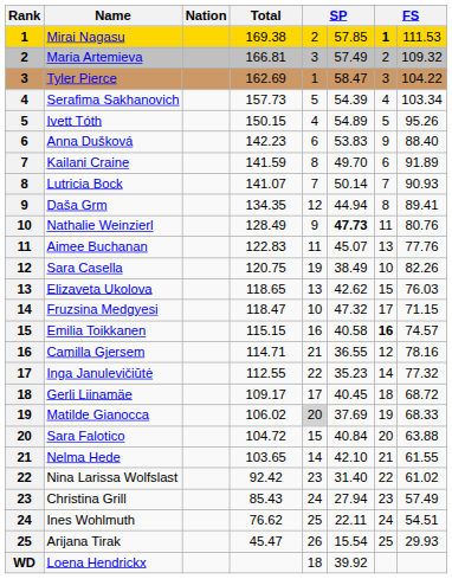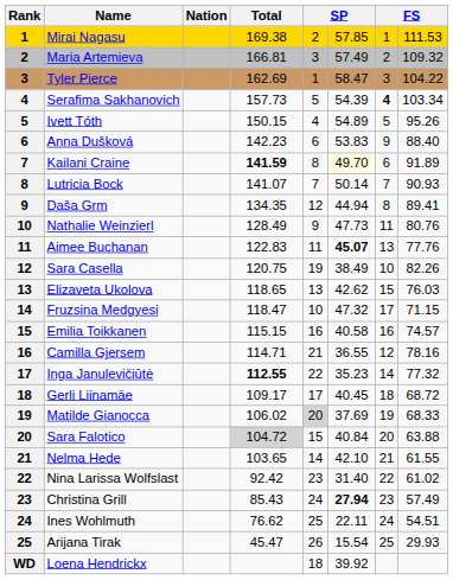 <table class="wikitable sortable">
 <tr>
 <th>Rank</th>
 <th>Name</th>
 <th>Nation</th>
 <th width="80px">Total</th>
 <th colspan="2" width="80px"><a href='#'>SP</a></th>
 <th colspan="2" width="80px"><a href='#'>FS</a></th>
 </tr>
 <tr bgcolor="gold">
 <td align="center"><strong>1</strong></td>
 <td><a href='#'>Mirai Nagasu</a></td>
 <td></td>
 <td align="center">169.38</td>
 <td align="center">2</td>
 <td align="center">57.85</td>
-<td align="center"><strong>1</strong></td>
+<td align="center">1</td>
 <td align="center">111.53</td>
 </tr>
 <tr bgcolor="silver">
 <td align="center"><strong>2</strong></td>
 <td><a href='#'>Maria Artemieva</a></td>
 <td></td>
 <td align="center">166.81</td>
 <td align="center">3</td>
 <td align="center">57.49</td>
 <td align="center">2</td>
 <td align="center">109.32</td>
 </tr>
 <tr bgcolor="cc9966">
 <td align="center"><strong>3</strong></td>
 <td><a href='#'>Tyler Pierce</a></td>
 <td></td>
 <td align="center">162.69</td>
 <td align="center">1</td>
 <td align="center">58.47</td>
 <td align="center">3</td>
 <td align="center">104.22</td>
 </tr>
 <tr>
 <th>4</th>
 <td><a href='#'>Serafima Sakhanovich</a></td>
 <td></td>
 <td align="center">157.73</td>
 <td align="center">5</td>
 <td align="center">54.39</td>
-<td align="center">4</td>
+<td align="center"><strong>4</strong></td>
 <td align="center">103.34</td>
 </tr>
 <tr>
 <th>5</th>
 <td><a href='#'>Ivett Tóth</a></td>
 <td></td>
 <td align="center">150.15</td>
 <td align="center">4</td>
 <td align="center">54.89</td>
 <td align="center">5</td>
 <td align="center">95.26</td>
 </tr>
 <tr>
 <th>6</th>
 <td><a href='#'>Anna Dušková</a></td>
 <td></td>
 <td align="center">142.23</td>
 <td align="center">6</td>
 <td align="center">53.83</td>
 <td align="center">9</td>
 <td align="center">88.40</td>
 </tr>
 <tr>
 <th>7</th>
 <td><a href='#'>Kailani Craine</a></td>
 <td></td>
-<td align="center">141.59</td>
+<td align="center"><strong>141.59</strong></td>
 <td align="center">8</td>
-<td align="center">49.70</td>
+<td align="center" style="background: lightyellow;">49.70</td>
 <td align="center">6</td>
 <td align="center">91.89</td>
 </tr>
 <tr>
 <th>8</th>
 <td><a href='#'>Lutricia Bock</a></td>
 <td></td>
 <td align="center">141.07</td>
 <td align="center">7</td>
 <td align="center">50.14</td>
 <td align="center">7</td>
 <td align="center">90.93</td>
 </tr>
 <tr>
 <th>9</th>
 <td><a href='#'>Daša Grm</a></td>
 <td></td>
 <td align="center">134.35</td>
 <td align="center">12</td>
 <td align="center">44.94</td>
 <td align="center">8</td>
 <td align="center">89.41</td>
 </tr>
 <tr>
 <th>10</th>
 <td><a href='#'>Nathalie Weinzierl</a></td>
 <td></td>
 <td align="center">128.49</td>
 <td align="center">9</td>
-<td align="center"><strong>47.73</strong></td>
+<td align="center">47.73</td>
 <td align="center">11</td>
 <td align="center">80.76</td>
 </tr>
 <tr>
 <th>11</th>
 <td><a href='#'>Aimee Buchanan</a></td>
 <td></td>
 <td align="center">122.83</td>
 <td align="center">11</td>
-<td align="center">45.07</td>
+<td align="center"><strong>45.07</strong></td>
 <td align="center">13</td>
 <td align="center">77.76</td>
 </tr>
 <tr>
 <th>12</th>
 <td><a href='#'>Sara Casella</a></td>
 <td></td>
 <td align="center">120.75</td>
 <td align="center">19</td>
 <td align="center">38.49</td>
 <td align="center">10</td>
 <td align="center">82.26</td>
 </tr>
 <tr>
 <th>13</th>
 <td><a href='#'>Elizaveta Ukolova</a></td>
 <td></td>
 <td align="center">118.65</td>
 <td align="center">13</td>
 <td align="center">42.62</td>
 <td align="center">15</td>
 <td align="center">76.03</td>
 </tr>
 <tr>
 <th>14</th>
 <td><a href='#'>Fruzsina Medgyesi</a></td>
 <td></td>
 <td align="center">118.47</td>
 <td align="center">10</td>
 <td align="center">47.32</td>
 <td align="center">17</td>
 <td align="center">71.15</td>
 </tr>
 <tr>
 <th>15</th>
 <td><a href='#'>Emilia Toikkanen</a></td>
 <td></td>
 <td align="center">115.15</td>
 <td align="center">16</td>
 <td align="center">40.58</td>
-<td align="center"><strong>16</strong></td>
+<td align="center">16</td>
 <td align="center">74.57</td>
 </tr>
 <tr>
 <th>16</th>
 <td><a href='#'>Camilla Gjersem</a></td>
 <td></td>
 <td align="center">114.71</td>
 <td align="center">21</td>
 <td align="center">36.55</td>
 <td align="center">12</td>
 <td align="center">78.16</td>
 </tr>
 <tr>
 <th>17</th>
 <td><a href='#'>Inga Janulevičiūtė</a></td>
 <td></td>
-<td align="center">112.55</td>
+<td align="center"><strong>112.55</strong></td>
 <td align="center">22</td>
 <td align="center">35.23</td>
 <td align="center">14</td>
 <td align="center">77.32</td>
 </tr>
 <tr>
 <th>18</th>
 <td><a href='#'>Gerli Liinamäe</a></td>
 <td></td>
 <td align="center">109.17</td>
 <td align="center">17</td>
 <td align="center">40.45</td>
 <td align="center">18</td>
 <td align="center">68.72</td>
 </tr>
 <tr>
 <th>19</th>
 <td><a href='#'>Matilde Gianocca</a></td>
 <td></td>
 <td align="center">106.02</td>
 <td align="center" style="background: lightgrey;">20</td>
 <td align="center">37.69</td>
 <td align="center">19</td>
 <td align="center">68.33</td>
 </tr>
 <tr>
 <th>20</th>
 <td><a href='#'>Sara Falotico</a></td>
 <td></td>
-<td align="center">104.72</td>
+<td align="center" style="background: lightgrey;">104.72</td>
 <td align="center">15</td>
 <td align="center">40.84</td>
 <td align="center">20</td>
 <td align="center">63.88</td>
 </tr>
 <tr>
 <th>21</th>
 <td><a href='#'>Nelma Hede</a></td>
 <td></td>
 <td align="center">103.65</td>
 <td align="center">14</td>
 <td align="center">42.10</td>
 <td align="center">21</td>
 <td align="center">61.55</td>
 </tr>
 <tr>
 <th>22</th>
 <td>Nina Larissa Wolfslast</td>
 <td></td>
 <td align="center">92.42</td>
 <td align="center">23</td>
 <td align="center">31.40</td>
 <td align="center">22</td>
 <td align="center">61.02</td>
 </tr>
 <tr>
 <th>23</th>
 <td>Christina Grill</td>
 <td></td>
 <td align="center">85.43</td>
 <td align="center">24</td>
-<td align="center">27.94</td>
+<td align="center"><strong>27.94</strong></td>
 <td align="center">23</td>
 <td align="center">57.49</td>
 </tr>
 <tr>
 <th>24</th>
 <td>Ines Wohlmuth</td>
 <td></td>
 <td align="center">76.62</td>
 <td align="center">25</td>
 <td align="center">22.11</td>
 <td align="center">24</td>
 <td align="center">54.51</td>
 </tr>
 <tr>
 <th>25</th>
 <td>Arijana Tirak</td>
 <td></td>
 <td align="center">45.47</td>
 <td align="center">26</td>
 <td align="center">15.54</td>
 <td align="center">25</td>
 <td align="center">29.93</td>
 </tr>
 <tr>
 <th>WD</th>
 <td><a href='#'>Loena Hendrickx</a></td>
 <td></td>
 <td align="center"></td>
 <td align="center">18</td>
 <td align="center">39.92</td>
 <td align="center"></td>
 <td align="center"></td>
 </tr>
 </table>
